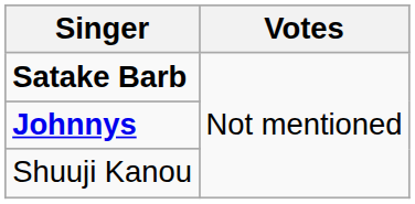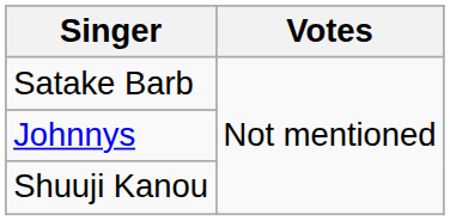 <table class="wikitable">
 <tr>
 <th>Singer</th>
 <th>Votes</th>
 </tr>
 <tr>
-<td><strong>Satake Barb</strong></td>
+<td>Satake Barb</td>
 <td rowspan=3>Not mentioned</td>
 </tr>
 <tr>
-<td><strong><a href='#'>Johnnys</a></strong></td>
+<td><a href='#'>Johnnys</a></td>
 </tr>
 <tr>
 <td>Shuuji Kanou</td>
 </tr>
 </table>
